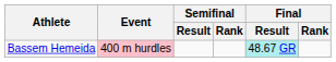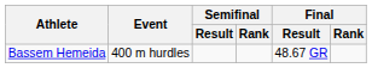 <table class=wikitable style="font-size:90%; text-align:center">
 <tr>
 <th rowspan=2>Athlete</th>
 <th rowspan=2>Event</th>
 <th colspan=2>Semifinal</th>
 <th colspan=2>Final</th>
 </tr>
 <tr>
 <th>Result</th>
 <th>Rank</th>
 <th>Result</th>
 <th>Rank</th>
 </tr>
 <tr>
 <td align=left><a href='#'>Bassem Hemeida</a></td>
-<td align=left style="background: pink;">400 m hurdles</td>
+<td align=left>400 m hurdles</td>
 <td></td>
 <td></td>
-<td style="background: paleturquoise;">48.67 <a href='#'>GR</a></td>
+<td>48.67 <a href='#'>GR</a></td>
 <td></td>
 </tr>
 </table>
